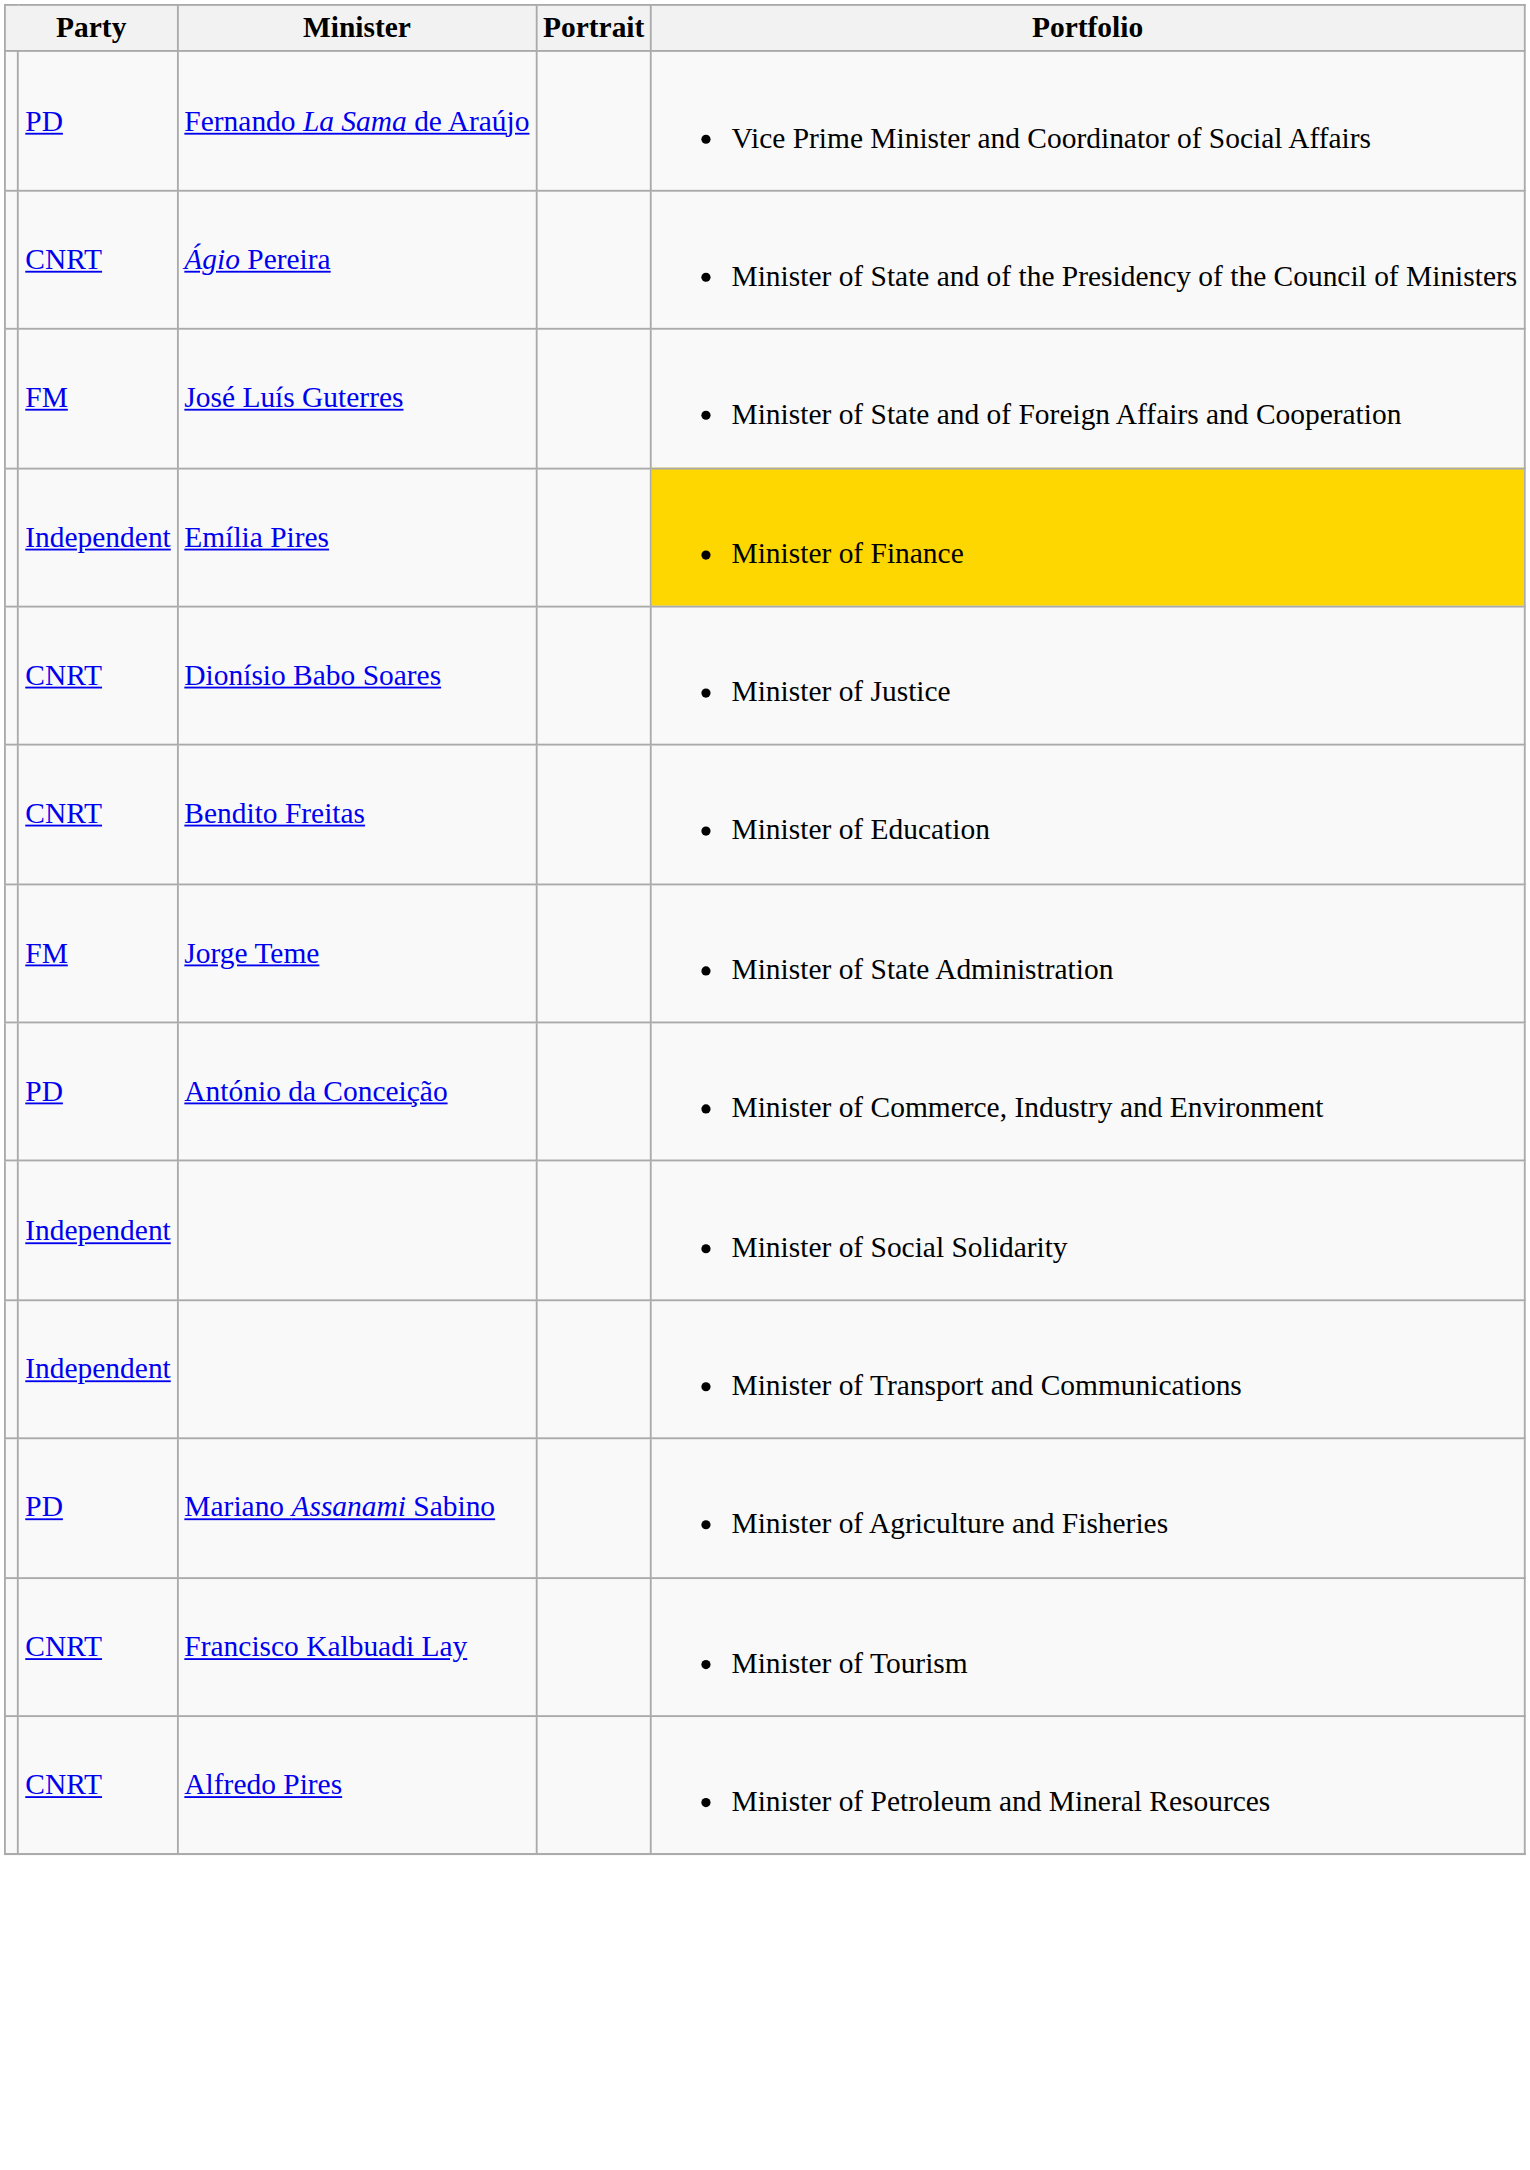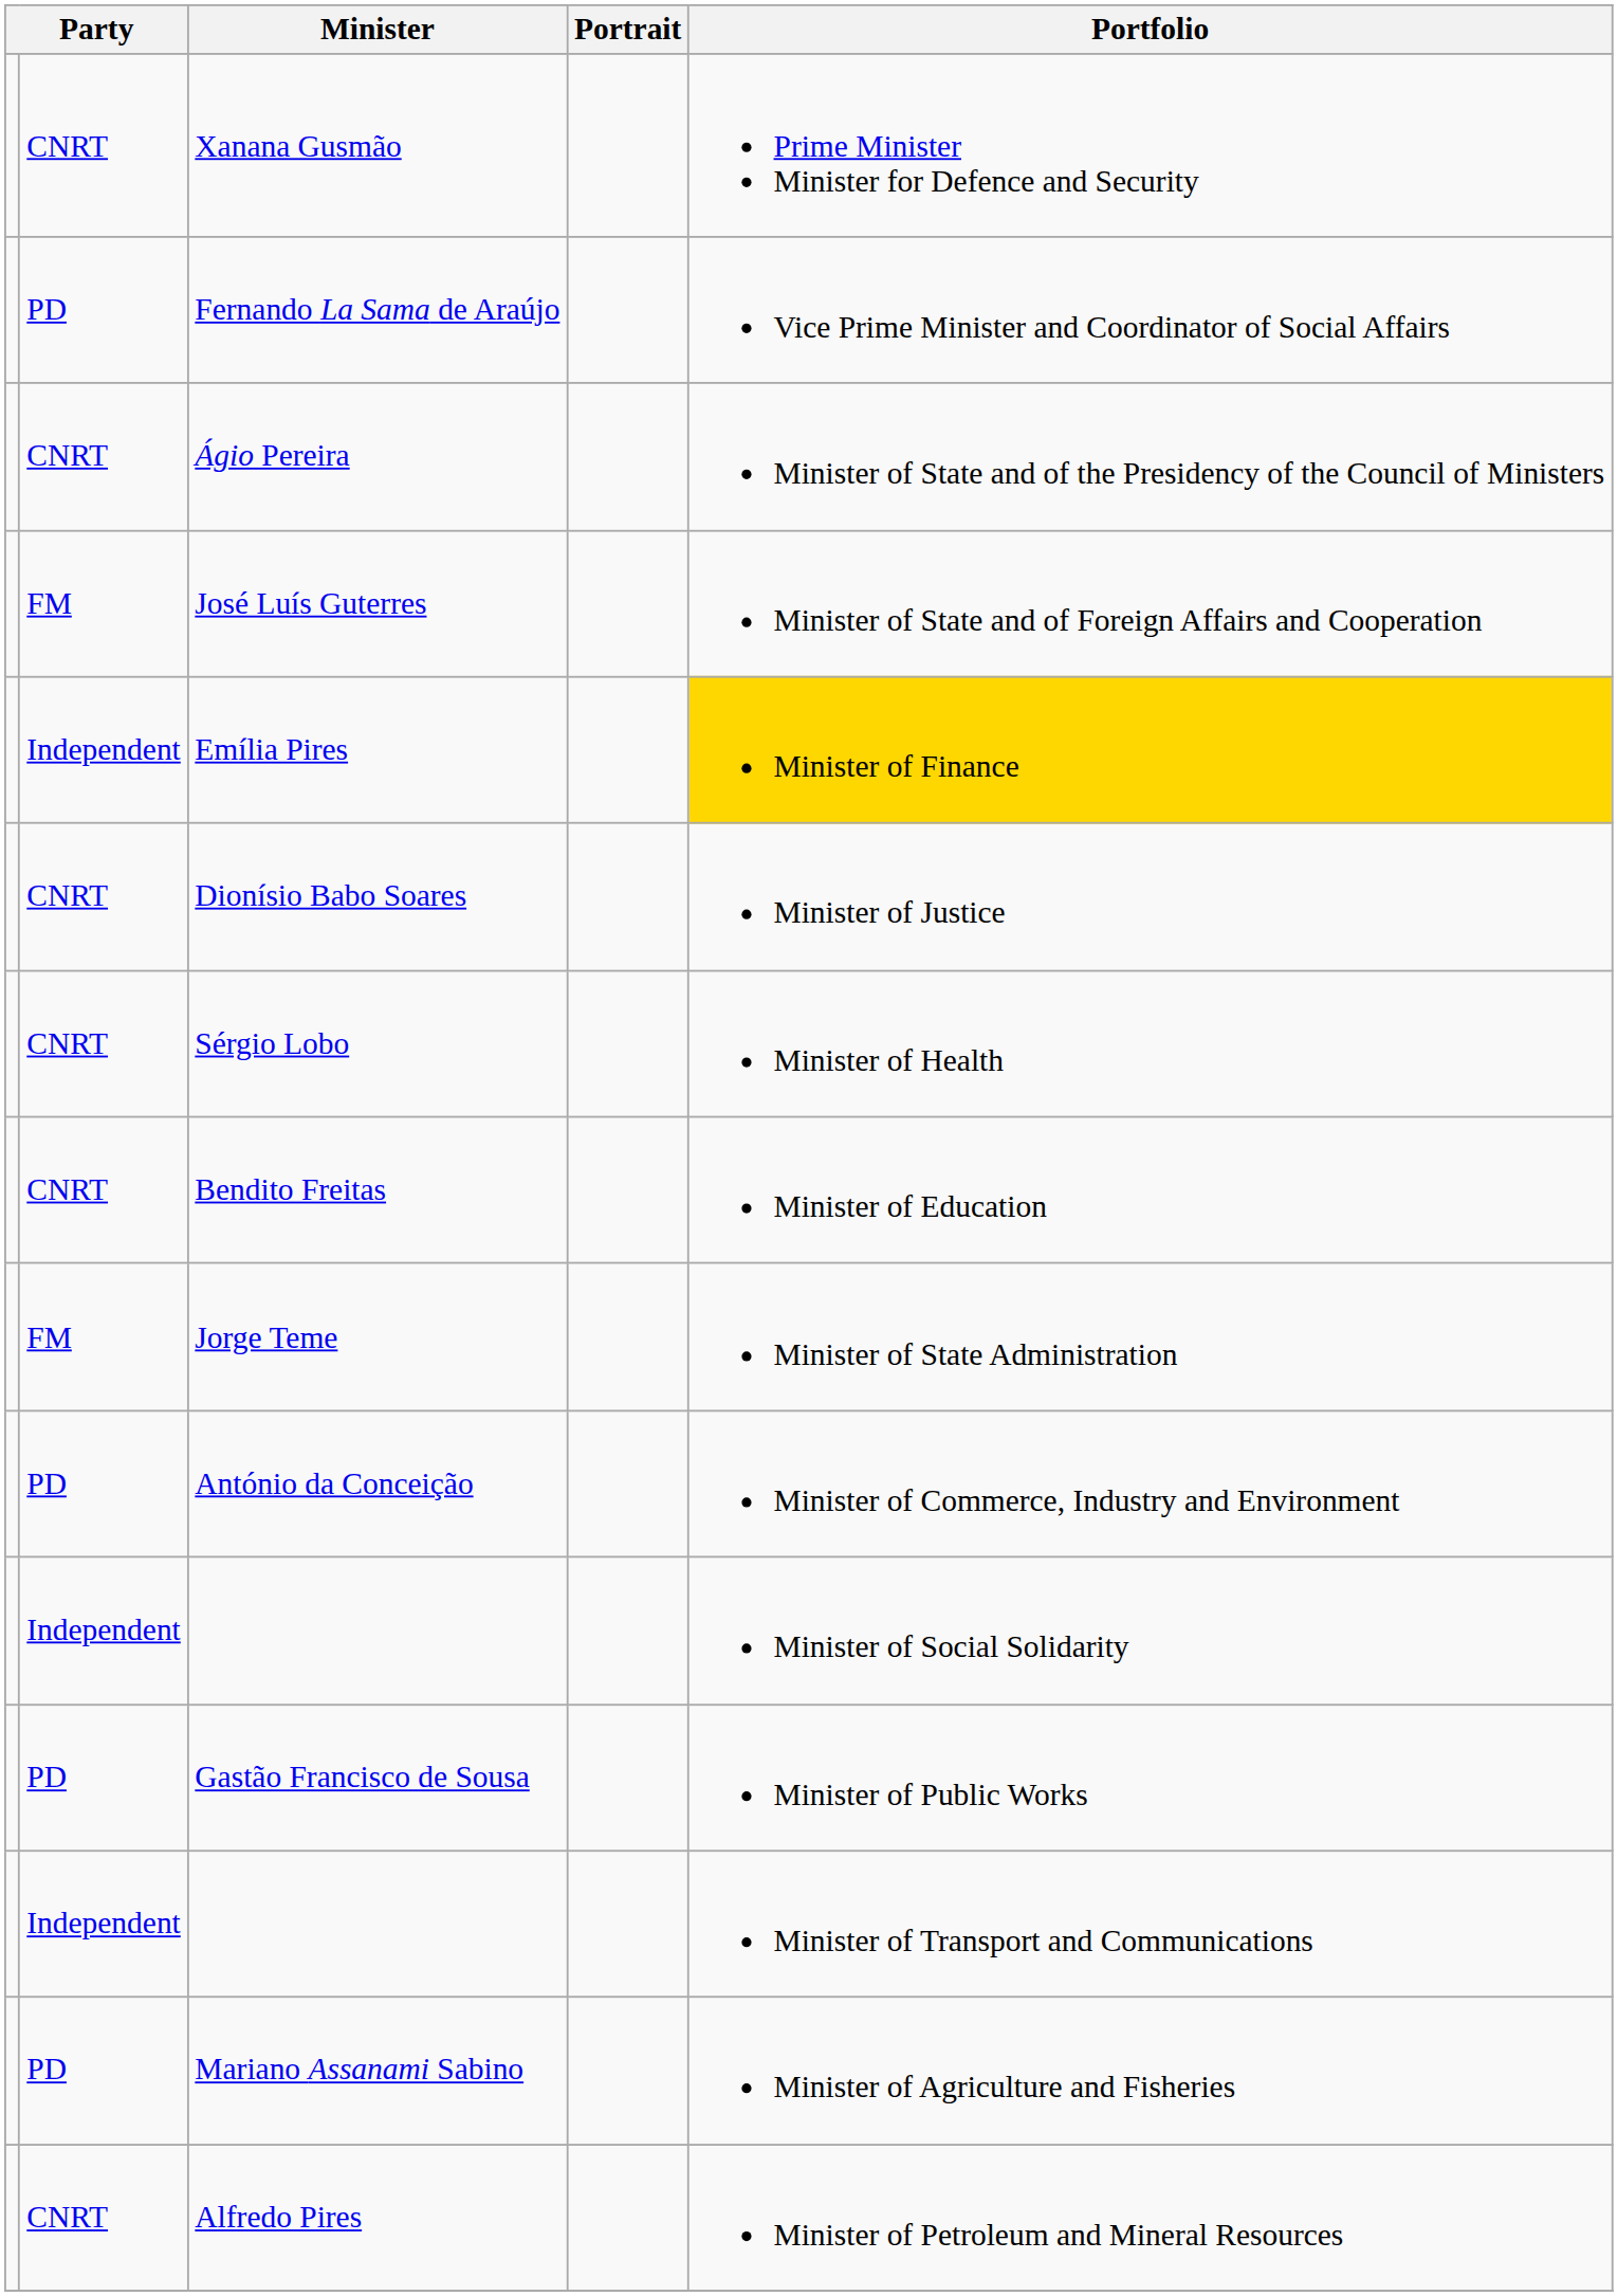 <table class="wikitable sortable">
 <tr>
 <th colspan="2">Party</th>
 <th>Minister</th>
 <th>Portrait</th>
 <th>Portfolio</th>
+</tr>
+<tr>
+<td style="background:"></td>
+<td><a href='#'>CNRT</a></td>
+<td><a href='#'>Xanana Gusmão</a></td>
+<td></td>
+<td><br><ul><li><a href='#'>Prime Minister</a></li><li>Minister for Defence and Security</li></ul></td>
 </tr>
 <tr>
 <td style="background:"></td>
 <td><a href='#'>PD</a></td>
 <td><a href='#'>Fernando <em>La Sama</em> de Araújo</a></td>
 <td></td>
 <td><br><ul><li>Vice Prime Minister and Coordinator of Social Affairs</li></ul></td>
 </tr>
 <tr>
 <td style="background:"></td>
 <td><a href='#'>CNRT</a></td>
 <td><a href='#'><em>Ágio</em> Pereira</a></td>
 <td></td>
 <td><br><ul><li>Minister of State and of the Presidency of the Council of Ministers</li></ul></td>
 </tr>
 <tr>
 <td style="background:"></td>
 <td><a href='#'>FM</a></td>
 <td><a href='#'>José Luís Guterres</a></td>
 <td></td>
 <td><br><ul><li>Minister of State and of Foreign Affairs and Cooperation</li></ul></td>
 </tr>
 <tr>
 <td style="background:"></td>
 <td><a href='#'>Independent</a></td>
 <td><a href='#'>Emília Pires</a></td>
 <td></td>
 <td style="background: gold;"><br><ul><li>Minister of Finance</li></ul></td>
 </tr>
 <tr>
 <td style="background:"></td>
 <td><a href='#'>CNRT</a></td>
 <td><a href='#'>Dionísio Babo Soares</a></td>
 <td></td>
 <td><br><ul><li>Minister of Justice</li></ul></td>
 </tr>
 <tr>
 <td style="background:"></td>
 <td><a href='#'>CNRT</a></td>
+<td><a href='#'>Sérgio Lobo</a></td>
+<td></td>
+<td><br><ul><li>Minister of Health</li></ul></td>
+</tr>
+<tr>
+<td style="background:"></td>
+<td><a href='#'>CNRT</a></td>
 <td><a href='#'>Bendito Freitas</a></td>
 <td></td>
 <td><br><ul><li>Minister of Education</li></ul></td>
 </tr>
 <tr>
 <td style="background:"></td>
 <td><a href='#'>FM</a></td>
 <td><a href='#'>Jorge Teme</a></td>
 <td></td>
 <td><br><ul><li>Minister of State Administration</li></ul></td>
 </tr>
 <tr>
 <td style="background:"></td>
 <td><a href='#'>PD</a></td>
 <td><a href='#'>António da Conceição</a></td>
 <td></td>
 <td><br><ul><li>Minister of Commerce, Industry and Environment</li></ul></td>
 </tr>
 <tr>
 <td style="background:"></td>
 <td><a href='#'>Independent</a></td>
 <td></td>
 <td></td>
 <td><br><ul><li>Minister of Social Solidarity</li></ul></td>
 </tr>
 <tr>
 <td style="background:"></td>
+<td><a href='#'>PD</a></td>
+<td><a href='#'>Gastão Francisco de Sousa</a></td>
+<td></td>
+<td><br><ul><li>Minister of Public Works</li></ul></td>
+</tr>
+<tr>
+<td style="background:"></td>
 <td><a href='#'>Independent</a></td>
 <td></td>
 <td></td>
 <td><br><ul><li>Minister of Transport and Communications</li></ul></td>
 </tr>
 <tr>
 <td style="background:"></td>
 <td><a href='#'>PD</a></td>
 <td><a href='#'>Mariano <em>Assanami</em> Sabino</a></td>
 <td></td>
 <td><br><ul><li>Minister of Agriculture and Fisheries</li></ul></td>
 </tr>
 <tr>
 <td style="background:"></td>
 <td><a href='#'>CNRT</a></td>
-<td><a href='#'>Francisco Kalbuadi Lay</a></td>
-<td></td>
-<td><br><ul><li>Minister of Tourism</li></ul></td>
-</tr>
-<tr>
-<td style="background:"></td>
-<td><a href='#'>CNRT</a></td>
 <td><a href='#'>Alfredo Pires</a></td>
 <td></td>
 <td><br><ul><li>Minister of Petroleum and Mineral Resources</li></ul></td>
 </tr>
 <tr>
 </tr>
 </table>
